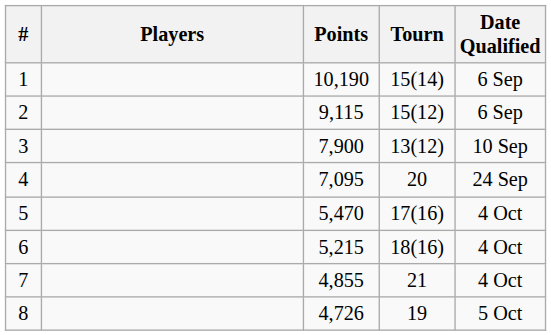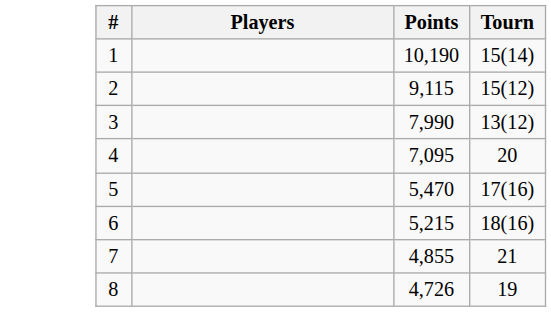 <table class="sortable wikitable" style="float:right;margin-left:1em;text-align:center;font-size:95%;text:justify;">
 <tr>
 <th width=20>#</th>
 <th width=190>Players</th>
 <th width=50>Points</th>
 <th width=50>Tourn</th>
-<th width=50>Date Qualified</th>
 </tr>
 <tr align=center>
 <td>1</td>
 <td align=left></td>
 <td>10,190</td>
 <td>15(14)</td>
-<td>6 Sep</td>
 </tr>
 <tr align=center>
 <td>2</td>
 <td align=left></td>
 <td>9,115</td>
 <td>15(12)</td>
-<td>6 Sep</td>
 </tr>
 <tr align=center>
 <td>3</td>
 <td align=left></td>
-<td>7,900</td>
+<td>7,990</td>
 <td>13(12)</td>
-<td>10 Sep</td>
 </tr>
 <tr align=center>
 <td>4</td>
 <td align=left></td>
 <td>7,095</td>
 <td>20</td>
-<td>24 Sep</td>
 </tr>
 <tr align=center>
 <td>5</td>
 <td align=left></td>
 <td>5,470</td>
 <td>17(16)</td>
-<td>4 Oct</td>
 </tr>
 <tr align=center>
 <td>6</td>
 <td align=left></td>
 <td>5,215</td>
 <td>18(16)</td>
-<td>4 Oct</td>
 </tr>
 <tr align=center>
 <td>7</td>
 <td align=left></td>
 <td>4,855</td>
 <td>21</td>
-<td>4 Oct</td>
 </tr>
 <tr align=center>
 <td>8</td>
 <td align=left></td>
 <td>4,726</td>
 <td>19</td>
-<td>5 Oct</td>
 </tr>
 </table>
